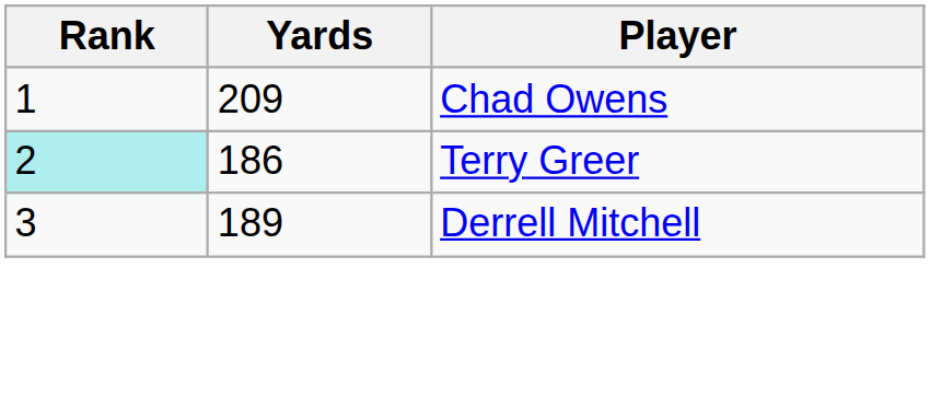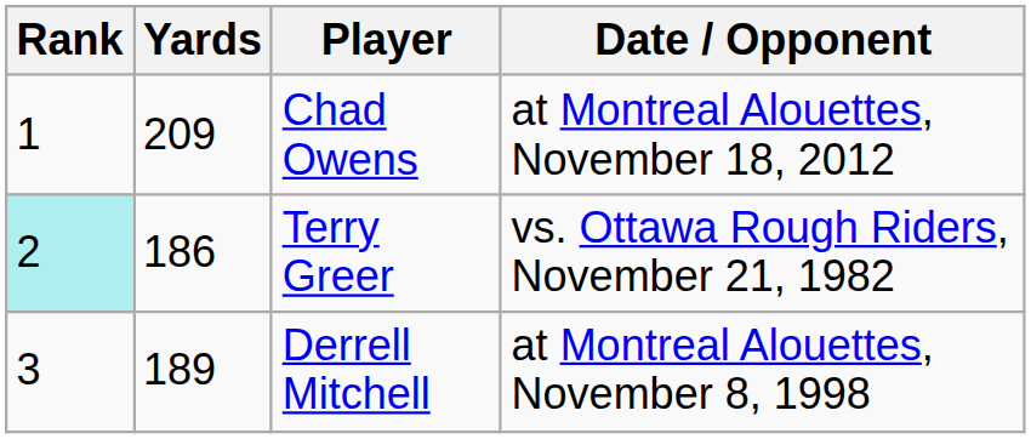 <table class="wikitable" style="width:60%;">
 <tr>
 <th>Rank</th>
 <th>Yards</th>
 <th>Player</th>
+<th>Date / Opponent</th>
 </tr>
 <tr>
 <td>1</td>
 <td>209</td>
 <td><a href='#'>Chad Owens</a></td>
+<td>at <a href='#'>Montreal Alouettes</a>, November 18, 2012</td>
 </tr>
 <tr>
 <td style="background: paleturquoise;">2</td>
 <td>186</td>
 <td><a href='#'>Terry Greer</a></td>
+<td>vs. <a href='#'>Ottawa Rough Riders</a>, November 21, 1982</td>
 </tr>
 <tr>
 <td>3</td>
 <td>189</td>
 <td><a href='#'>Derrell Mitchell</a></td>
+<td>at <a href='#'>Montreal Alouettes</a>, November 8, 1998</td>
 </tr>
 </table>
